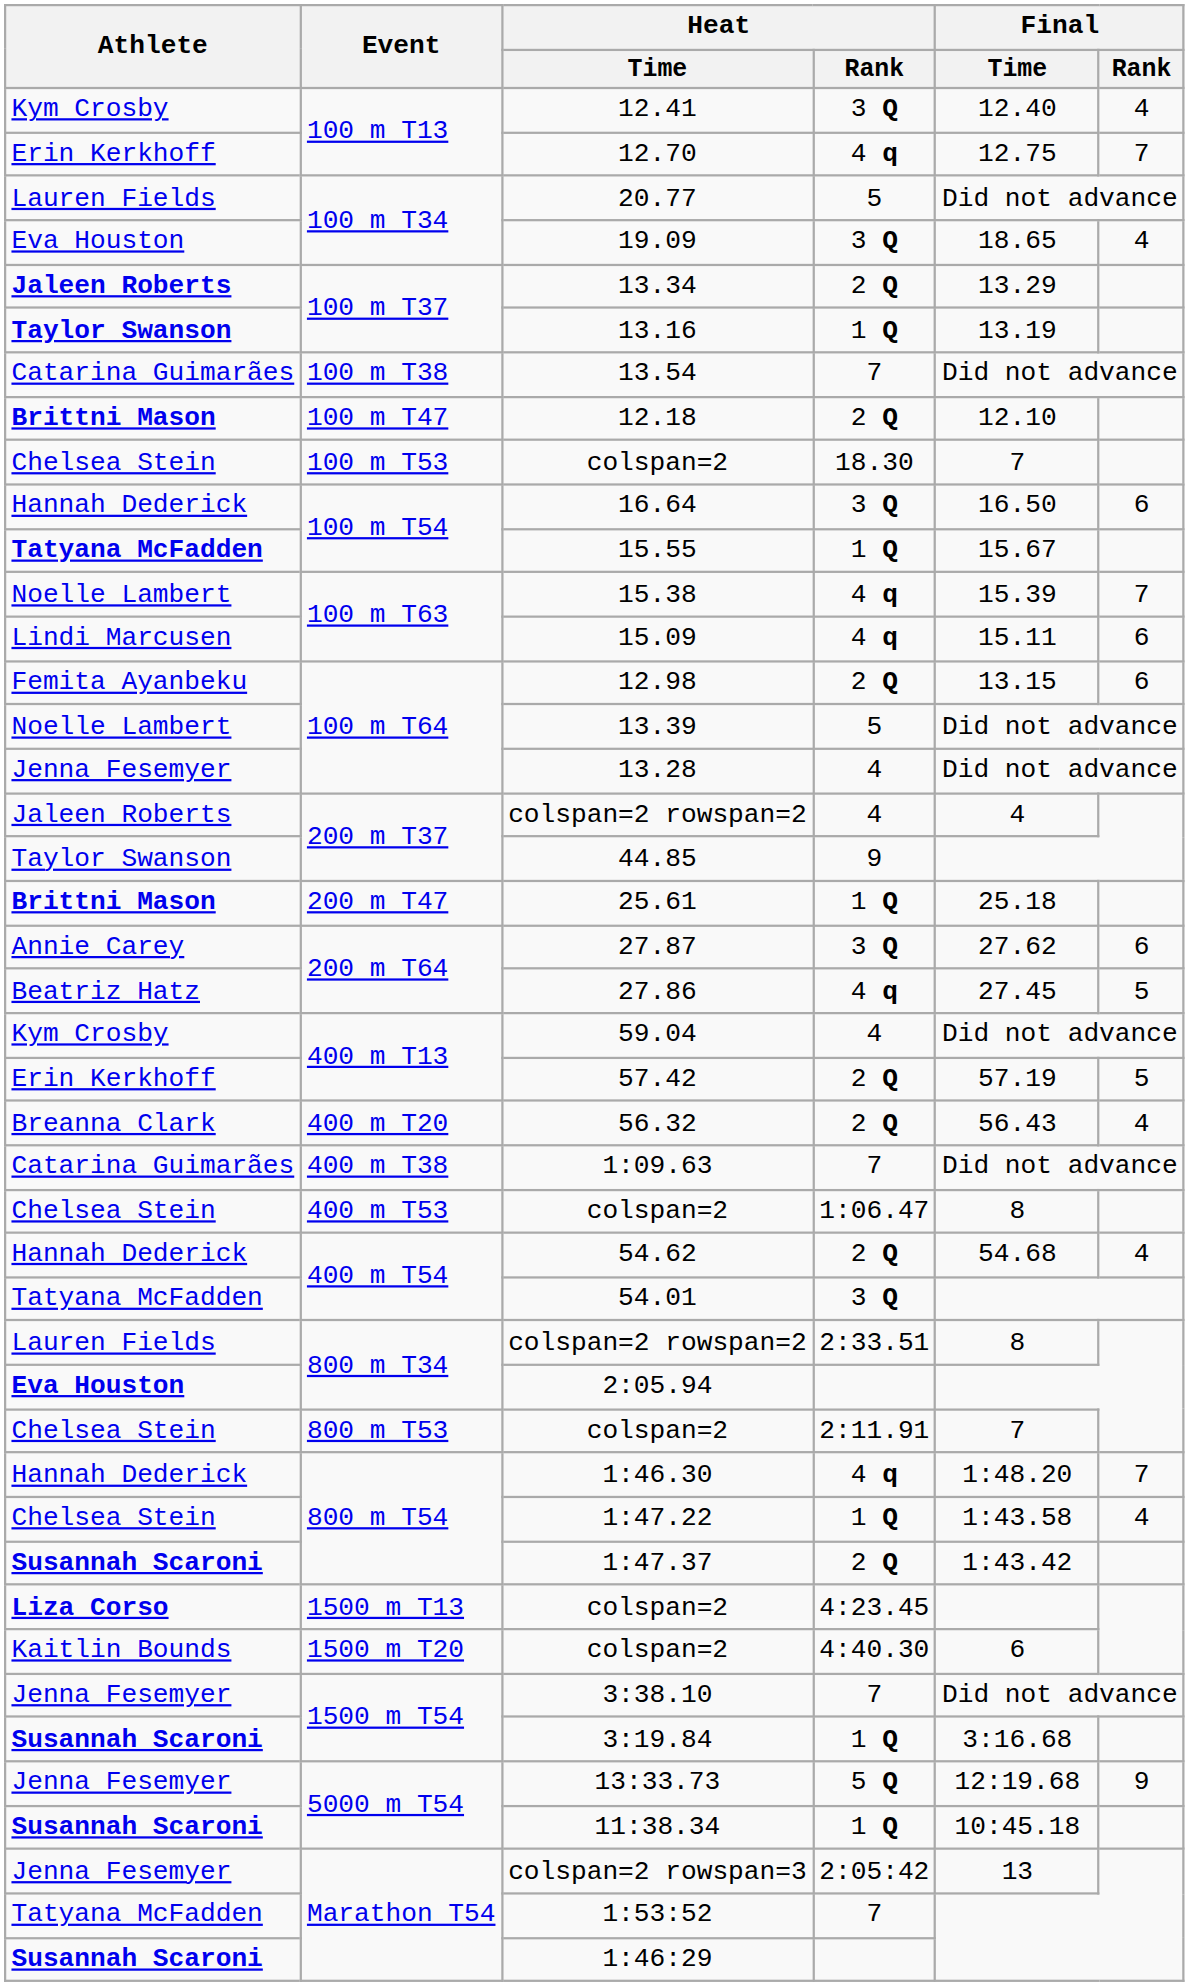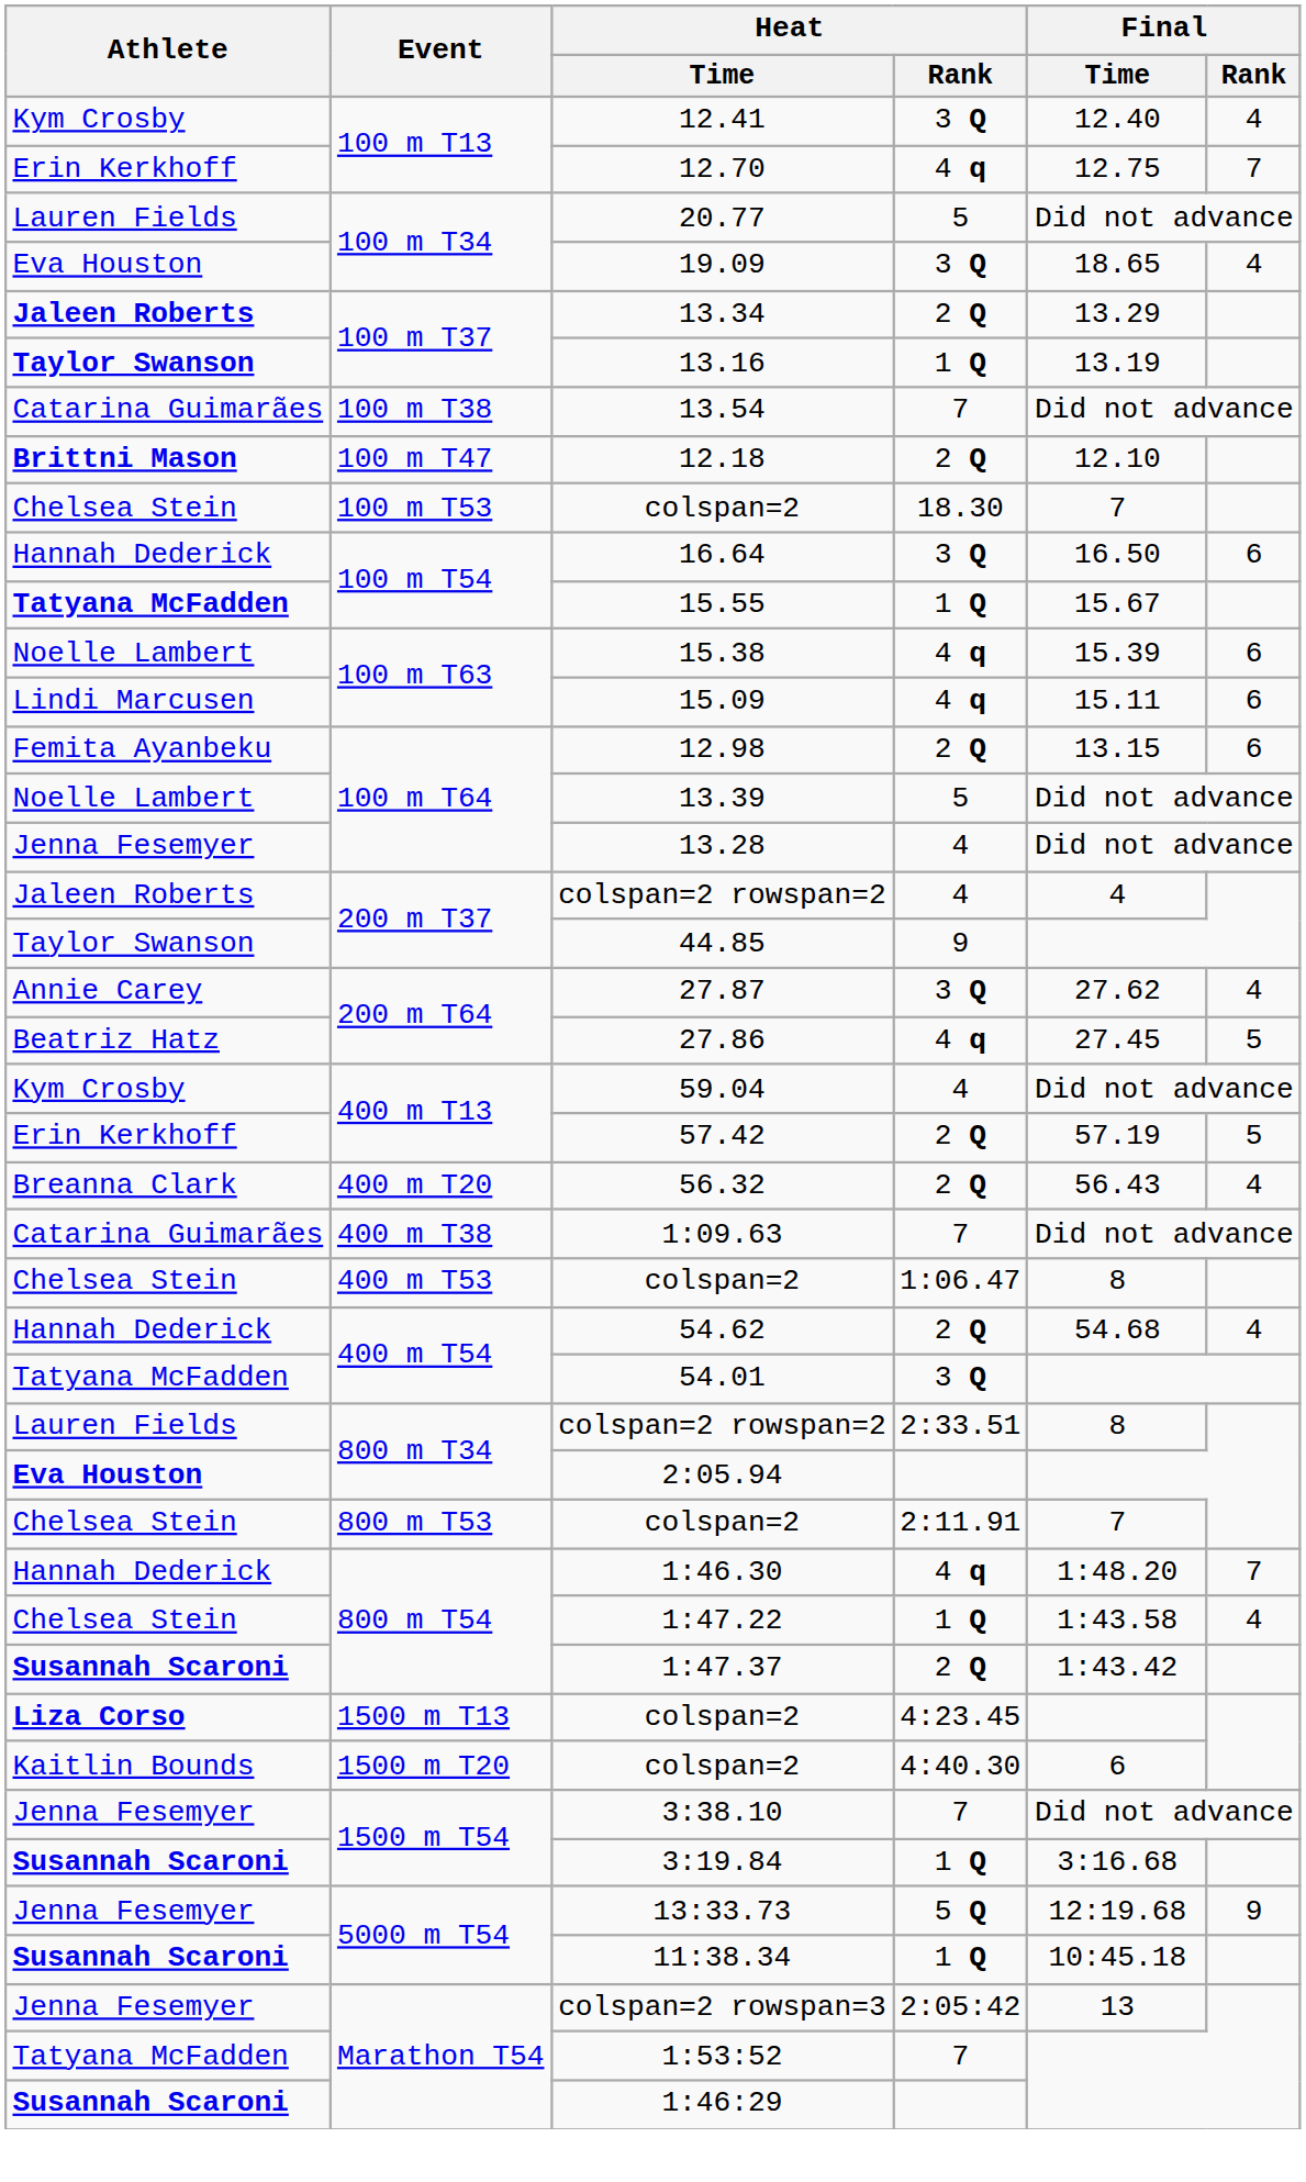 <table class=wikitable style=font-size:90%;text-align:center>
 <tr>
 <th rowspan=2>Athlete</th>
 <th rowspan=2>Event</th>
 <th colspan=2>Heat</th>
 <th colspan=2>Final</th>
 </tr>
 <tr style=font-size:95%>
 <th>Time</th>
 <th>Rank</th>
 <th>Time</th>
 <th>Rank</th>
 </tr>
 <tr>
 <td align=left><a href='#'>Kym Crosby</a></td>
 <td align=left rowspan=2><a href='#'>100 m T13</a></td>
 <td>12.41</td>
 <td>3 <strong>Q</strong></td>
 <td>12.40</td>
 <td>4</td>
 </tr>
 <tr>
 <td align=left><a href='#'>Erin Kerkhoff</a></td>
 <td>12.70</td>
 <td>4 <strong>q</strong></td>
 <td>12.75</td>
 <td>7</td>
 </tr>
 <tr>
 <td align=left><a href='#'>Lauren Fields</a></td>
 <td align=left rowspan=2><a href='#'>100 m T34</a></td>
 <td>20.77</td>
 <td>5</td>
 <td colspan=2>Did not advance</td>
 </tr>
 <tr>
 <td align=left><a href='#'>Eva Houston</a></td>
 <td>19.09</td>
 <td>3 <strong>Q</strong></td>
 <td>18.65</td>
 <td>4</td>
 </tr>
 <tr>
 <td align=left><strong><a href='#'>Jaleen Roberts</a></strong></td>
 <td align=left rowspan=2><a href='#'>100 m T37</a></td>
 <td>13.34</td>
 <td>2 <strong>Q</strong></td>
 <td>13.29</td>
 <td></td>
 </tr>
 <tr>
 <td align=left><strong><a href='#'>Taylor Swanson</a></strong></td>
 <td>13.16</td>
 <td>1 <strong>Q</strong></td>
 <td>13.19</td>
 <td></td>
 </tr>
 <tr>
 <td align=left><a href='#'>Catarina Guimarães</a></td>
 <td align=left><a href='#'>100 m T38</a></td>
 <td>13.54</td>
 <td>7</td>
 <td colspan=2>Did not advance</td>
 </tr>
 <tr>
 <td align=left><strong><a href='#'>Brittni Mason</a></strong></td>
 <td align=left><a href='#'>100 m T47</a></td>
 <td>12.18</td>
 <td>2 <strong>Q</strong></td>
 <td>12.10</td>
 <td></td>
 </tr>
 <tr>
 <td align=left><a href='#'>Chelsea Stein</a></td>
 <td align=left><a href='#'>100 m T53</a></td>
 <td>colspan=2 </td>
 <td>18.30</td>
 <td>7</td>
 </tr>
 <tr>
 <td align=left><a href='#'>Hannah Dederick</a></td>
 <td align=left rowspan=2><a href='#'>100 m T54</a></td>
 <td>16.64</td>
 <td>3 <strong>Q</strong></td>
 <td>16.50</td>
 <td>6</td>
 </tr>
 <tr>
 <td align=left><strong><a href='#'>Tatyana McFadden</a></strong></td>
 <td>15.55 </td>
 <td>1 <strong>Q</strong></td>
 <td>15.67</td>
 <td></td>
 </tr>
 <tr>
 <td align=left><a href='#'>Noelle Lambert</a></td>
 <td align=left rowspan=2><a href='#'>100 m T63</a></td>
 <td>15.38</td>
 <td>4 <strong>q</strong></td>
 <td>15.39</td>
-<td>7</td>
+<td>6</td>
 </tr>
 <tr>
 <td align=left><a href='#'>Lindi Marcusen</a></td>
 <td>15.09</td>
 <td>4 <strong>q</strong></td>
 <td>15.11</td>
 <td>6</td>
 </tr>
 <tr>
 <td align=left><a href='#'>Femita Ayanbeku</a></td>
 <td align=left rowspan=3><a href='#'>100 m T64</a></td>
 <td>12.98</td>
 <td>2 <strong>Q</strong></td>
 <td>13.15</td>
 <td>6</td>
 </tr>
 <tr>
 <td align=left><a href='#'>Noelle Lambert</a></td>
 <td>13.39</td>
 <td>5</td>
 <td colspan=2>Did not advance</td>
 </tr>
 <tr>
 <td align=left><a href='#'>Jenna Fesemyer</a></td>
 <td>13.28</td>
 <td>4</td>
 <td colspan=2>Did not advance</td>
 </tr>
 <tr>
 <td align=left><a href='#'>Jaleen Roberts</a></td>
 <td align=left rowspan=2><a href='#'>200 m T37</a></td>
 <td>colspan=2 rowspan=2 </td>
 <td>4</td>
 <td>4</td>
 </tr>
 <tr>
 <td align=left><a href='#'>Taylor Swanson</a></td>
 <td>44.85</td>
 <td>9</td>
 </tr>
 <tr>
-<td align=left><strong><a href='#'>Brittni Mason</a></strong></td>
-<td align=left><a href='#'>200 m T47</a></td>
-<td>25.61</td>
-<td>1 <strong>Q</strong></td>
-<td>25.18</td>
-<td></td>
-</tr>
-<tr>
 <td align=left><a href='#'>Annie Carey</a></td>
 <td align=left rowspan=2><a href='#'>200 m T64</a></td>
 <td>27.87 </td>
 <td>3 <strong>Q</strong></td>
 <td>27.62 </td>
-<td>6</td>
+<td>4</td>
 </tr>
 <tr>
 <td align=left><a href='#'>Beatriz Hatz</a></td>
 <td>27.86</td>
 <td>4 <strong>q</strong></td>
 <td>27.45</td>
 <td>5</td>
 </tr>
 <tr>
 <td align=left><a href='#'>Kym Crosby</a></td>
 <td align=left rowspan=2><a href='#'>400 m T13</a></td>
 <td>59.04</td>
 <td>4</td>
 <td colspan=2>Did not advance</td>
 </tr>
 <tr>
 <td align=left><a href='#'>Erin Kerkhoff</a></td>
 <td>57.42</td>
 <td>2 <strong>Q</strong></td>
 <td>57.19</td>
 <td>5</td>
 </tr>
 <tr>
 <td align=left><a href='#'>Breanna Clark</a></td>
 <td align=left><a href='#'>400 m T20</a></td>
 <td>56.32</td>
 <td>2 <strong>Q</strong></td>
 <td>56.43</td>
 <td>4</td>
 </tr>
 <tr>
 <td align=left><a href='#'>Catarina Guimarães</a></td>
 <td align=left><a href='#'>400 m T38</a></td>
 <td>1:09.63</td>
 <td>7</td>
 <td colspan=2>Did not advance</td>
 </tr>
 <tr>
 <td align=left><a href='#'>Chelsea Stein</a></td>
 <td align=left><a href='#'>400 m T53</a></td>
 <td>colspan=2 </td>
 <td>1:06.47</td>
 <td>8</td>
 </tr>
 <tr>
 <td align=left><a href='#'>Hannah Dederick</a></td>
 <td align=left rowspan=2><a href='#'>400 m T54</a></td>
 <td>54.62</td>
 <td>2 <strong>Q</strong></td>
 <td>54.68</td>
 <td>4</td>
 </tr>
 <tr>
 <td align=left><a href='#'>Tatyana McFadden</a></td>
 <td>54.01</td>
 <td>3 <strong>Q</strong></td>
 <td colspan=2></td>
 </tr>
 <tr>
 <td align=left><a href='#'>Lauren Fields</a></td>
 <td align=left rowspan=2><a href='#'>800 m T34</a></td>
 <td>colspan=2 rowspan=2 </td>
 <td>2:33.51</td>
 <td>8</td>
 </tr>
 <tr>
 <td align=left><strong><a href='#'>Eva Houston</a></strong></td>
 <td>2:05.94</td>
 <td></td>
 </tr>
 <tr>
 <td align=left><a href='#'>Chelsea Stein</a></td>
 <td align=left><a href='#'>800 m T53</a></td>
 <td>colspan=2 </td>
 <td>2:11.91</td>
 <td>7</td>
 </tr>
 <tr>
 <td align=left><a href='#'>Hannah Dederick</a></td>
 <td align=left rowspan=3><a href='#'>800 m T54</a></td>
 <td>1:46.30</td>
 <td>4 <strong>q</strong></td>
 <td>1:48.20</td>
 <td>7</td>
 </tr>
 <tr>
 <td align=left><a href='#'>Chelsea Stein</a></td>
 <td>1:47.22</td>
 <td>1 <strong>Q</strong></td>
 <td>1:43.58</td>
 <td>4</td>
 </tr>
 <tr>
 <td align=left><strong><a href='#'>Susannah Scaroni</a></strong></td>
 <td>1:47.37</td>
 <td>2 <strong>Q</strong></td>
 <td>1:43.42</td>
 <td></td>
 </tr>
 <tr>
 <td align=left><strong><a href='#'>Liza Corso</a></strong></td>
 <td align=left><a href='#'>1500 m T13</a></td>
 <td>colspan=2 </td>
 <td>4:23.45</td>
 <td></td>
 </tr>
 <tr>
 <td align=left><a href='#'>Kaitlin Bounds</a></td>
 <td align=left><a href='#'>1500 m T20</a></td>
 <td>colspan=2 </td>
 <td>4:40.30</td>
 <td>6</td>
 </tr>
 <tr>
 <td align=left><a href='#'>Jenna Fesemyer</a></td>
 <td align=left rowspan=2><a href='#'>1500 m T54</a></td>
 <td>3:38.10</td>
 <td>7</td>
 <td colspan=2>Did not advance</td>
 </tr>
 <tr>
 <td align=left><strong><a href='#'>Susannah Scaroni</a></strong></td>
 <td>3:19.84 </td>
 <td>1 <strong>Q</strong></td>
 <td>3:16.68</td>
 <td></td>
 </tr>
 <tr>
 <td align=left><a href='#'>Jenna Fesemyer</a></td>
 <td align=left rowspan=2><a href='#'>5000 m T54</a></td>
 <td>13:33.73</td>
 <td>5 <strong>Q</strong></td>
 <td>12:19.68</td>
 <td>9</td>
 </tr>
 <tr>
 <td align=left><strong><a href='#'>Susannah Scaroni</a></strong></td>
 <td>11:38.34</td>
 <td>1 <strong>Q</strong></td>
 <td>10:45.18</td>
 <td></td>
 </tr>
 <tr>
 <td align=left><a href='#'>Jenna Fesemyer</a></td>
 <td align=left rowspan=3><a href='#'>Marathon T54</a></td>
 <td>colspan=2 rowspan=3 </td>
 <td>2:05:42</td>
 <td>13</td>
 </tr>
 <tr>
 <td align=left><a href='#'>Tatyana McFadden</a></td>
 <td>1:53:52</td>
 <td>7</td>
 </tr>
 <tr>
 <td align=left><strong><a href='#'>Susannah Scaroni</a></strong></td>
 <td>1:46:29</td>
 <td></td>
 </tr>
 </table>
